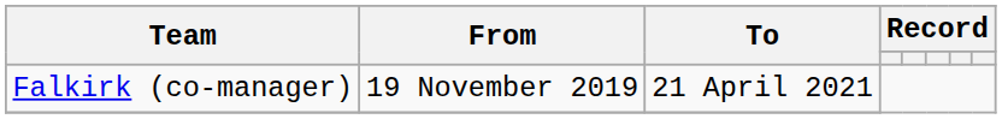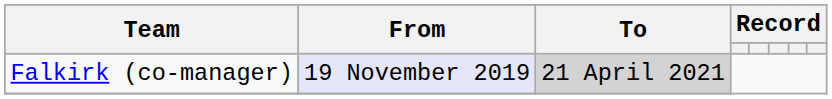 <table class="wikitable" style="text-align: center">
 <tr>
 <th rowspan="2">Team</th>
 <th rowspan="2">From</th>
 <th rowspan="2">To</th>
 <th colspan="8">Record</th>
 </tr>
 <tr>
 <th></th>
 <th></th>
 <th></th>
 <th></th>
 <th></th>
 </tr>
 <tr>
 <td align=left><a href='#'>Falkirk</a> (co-manager)</td>
-<td align=left>19 November 2019</td>
-<td align=left>21 April 2021<br></td>
+<td align=left style="background: lavender;">19 November 2019</td>
+<td align=left style="background: lightgrey;">21 April 2021<br></td>
 </tr>
 <tr>
 </tr>
 </table>
